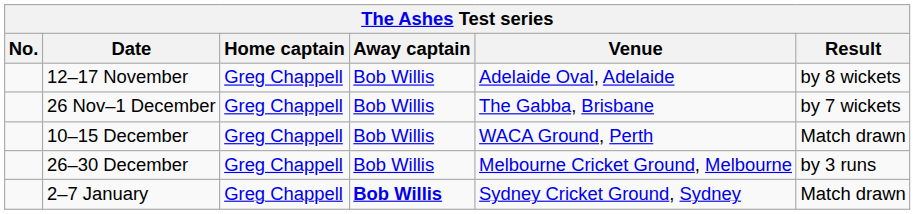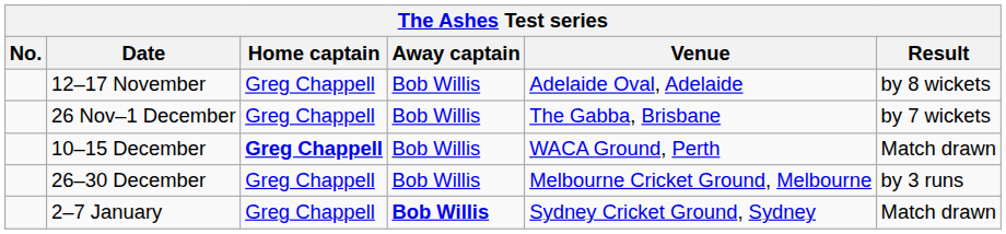 <table class="wikitable">
 <tr>
 <th colspan="9"><a href='#'>The Ashes</a> Test series</th>
 </tr>
 <tr>
 <th>No.</th>
 <th>Date</th>
 <th>Home captain</th>
 <th>Away captain</th>
 <th>Venue</th>
 <th>Result</th>
 </tr>
 <tr>
 <td></td>
 <td>12–17 November</td>
 <td><a href='#'>Greg Chappell</a></td>
 <td><a href='#'>Bob Willis</a></td>
 <td><a href='#'>Adelaide Oval</a>, <a href='#'>Adelaide</a></td>
 <td> by 8 wickets</td>
 </tr>
 <tr>
 <td></td>
 <td>26 Nov–1 December</td>
 <td><a href='#'>Greg Chappell</a></td>
 <td><a href='#'>Bob Willis</a></td>
 <td><a href='#'>The Gabba</a>, <a href='#'>Brisbane</a></td>
 <td> by 7 wickets</td>
 </tr>
 <tr>
 <td></td>
 <td>10–15 December</td>
-<td><a href='#'>Greg Chappell</a></td>
+<td><strong><a href='#'>Greg Chappell</a></strong></td>
 <td><a href='#'>Bob Willis</a></td>
 <td><a href='#'>WACA Ground</a>, <a href='#'>Perth</a></td>
 <td>Match drawn</td>
 </tr>
 <tr>
 <td></td>
 <td>26–30 December</td>
 <td><a href='#'>Greg Chappell</a></td>
 <td><a href='#'>Bob Willis</a></td>
 <td><a href='#'>Melbourne Cricket Ground</a>, <a href='#'>Melbourne</a></td>
 <td> by 3 runs</td>
 </tr>
 <tr>
 <td></td>
 <td>2–7 January</td>
 <td><a href='#'>Greg Chappell</a></td>
 <td><strong><a href='#'>Bob Willis</a></strong></td>
 <td><a href='#'>Sydney Cricket Ground</a>, <a href='#'>Sydney</a></td>
 <td>Match drawn</td>
 </tr>
 </table>
